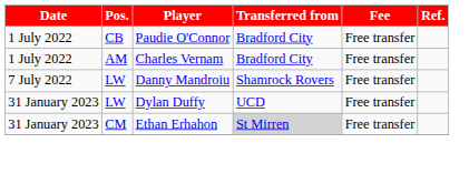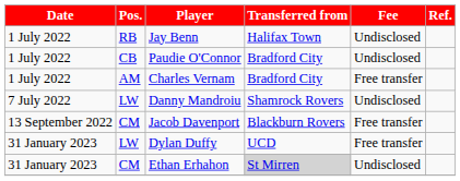 <table class="wikitable plainrowheaders sortable">
 <tr>
 <th style="background:#FF0000; color:#ffffff; ">Date</th>
 <th style="background:#FF0000; color:#ffffff; ">Pos.</th>
 <th style="background:#FF0000; color:#ffffff; ">Player</th>
 <th style="background:#FF0000; color:#ffffff; ">Transferred from</th>
 <th style="background:#FF0000; color:#ffffff; ">Fee</th>
 <th style="background:#FF0000; color:#ffffff; ">Ref.</th>
 </tr>
 <tr>
 <td>1 July 2022</td>
+<td><a href='#'>RB</a></td>
+<td> <a href='#'>Jay Benn</a></td>
+<td> <a href='#'>Halifax Town</a></td>
+<td>Undisclosed</td>
+<td></td>
+</tr>
+<tr>
+<td>1 July 2022</td>
 <td><a href='#'>CB</a></td>
 <td> <a href='#'>Paudie O'Connor</a></td>
 <td> <a href='#'>Bradford City</a></td>
-<td>Free transfer</td>
+<td>Undisclosed</td>
 <td></td>
 </tr>
 <tr>
 <td>1 July 2022</td>
 <td><a href='#'>AM</a></td>
 <td> <a href='#'>Charles Vernam</a></td>
 <td> <a href='#'>Bradford City</a></td>
 <td>Free transfer</td>
 <td></td>
 </tr>
 <tr>
 <td>7 July 2022</td>
 <td><a href='#'>LW</a></td>
 <td> <a href='#'>Danny Mandroiu</a></td>
 <td> <a href='#'>Shamrock Rovers</a></td>
+<td>Undisclosed</td>
+<td></td>
+</tr>
+<tr>
+<td>13 September 2022</td>
+<td><a href='#'>CM</a></td>
+<td> <a href='#'>Jacob Davenport</a></td>
+<td> <a href='#'>Blackburn Rovers</a></td>
 <td>Free transfer</td>
 <td></td>
 </tr>
 <tr>
 <td>31 January 2023</td>
 <td><a href='#'>LW</a></td>
 <td> <a href='#'>Dylan Duffy</a></td>
 <td> <a href='#'>UCD</a></td>
 <td>Free transfer</td>
 <td></td>
 </tr>
 <tr>
 <td>31 January 2023</td>
 <td><a href='#'>CM</a></td>
 <td> <a href='#'>Ethan Erhahon</a></td>
 <td style="background: lightgrey;"> <a href='#'>St Mirren</a></td>
-<td>Free transfer</td>
+<td>Undisclosed</td>
 <td></td>
 </tr>
 <tr>
 </tr>
 </table>
